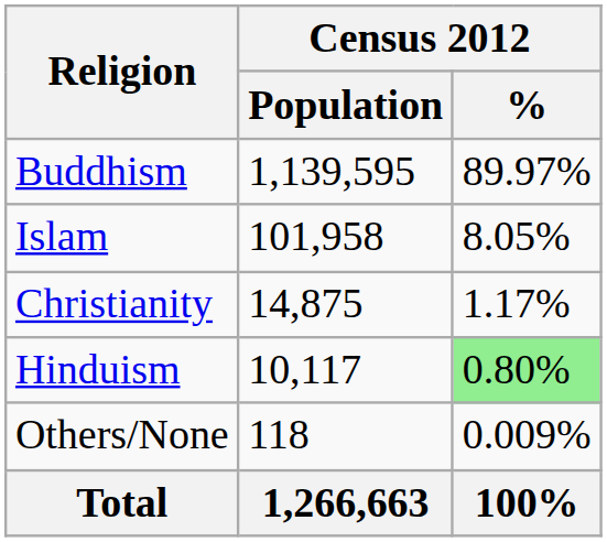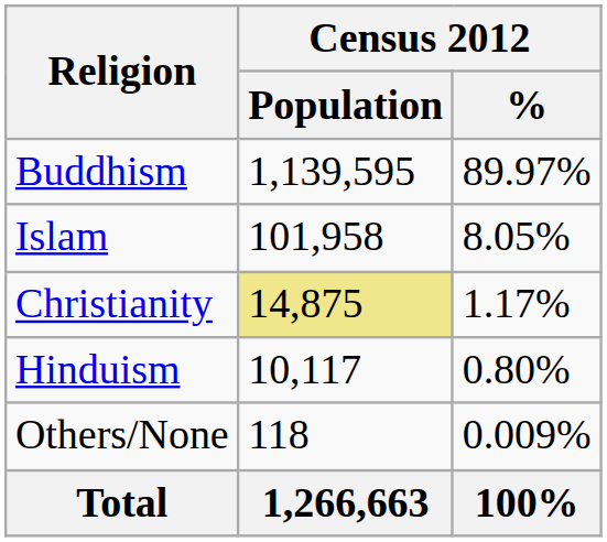 <table class="wikitable">
 <tr>
 <th rowspan="2">Religion</th>
 <th colspan="2">Census 2012</th>
 </tr>
 <tr>
 <th>Population</th>
 <th>%</th>
 </tr>
 <tr>
 <td><a href='#'>Buddhism</a></td>
 <td>1,139,595</td>
 <td>89.97%</td>
 </tr>
 <tr>
 <td><a href='#'>Islam</a></td>
 <td>101,958</td>
 <td>8.05%</td>
 </tr>
 <tr>
 <td><a href='#'>Christianity</a></td>
-<td>14,875</td>
+<td style="background: khaki;">14,875</td>
 <td>1.17%</td>
 </tr>
 <tr>
 <td><a href='#'>Hinduism</a></td>
 <td>10,117</td>
-<td style="background: lightgreen;">0.80%</td>
+<td>0.80%</td>
 </tr>
 <tr>
 <td>Others/None</td>
 <td>118</td>
 <td>0.009%</td>
 </tr>
 <tr>
 <th>Total</th>
 <th>1,266,663</th>
 <th>100%</th>
 </tr>
 </table>
